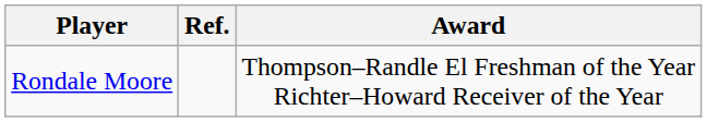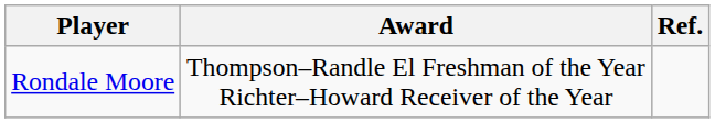 <table class="wikitable sortable sortable" style="text-align: center">
 <tr align=center>
 <th>Player</th>
+<th>Award</th>
 <th>Ref.</th>
-<th>Award</th>
 </tr>
 <tr>
 <td><a href='#'>Rondale Moore</a></td>
+<td>Thompson–Randle El Freshman of the Year <br> Richter–Howard Receiver of the Year</td>
 <td></td>
-<td>Thompson–Randle El Freshman of the Year <br> Richter–Howard Receiver of the Year</td>
 </tr>
 </table>
